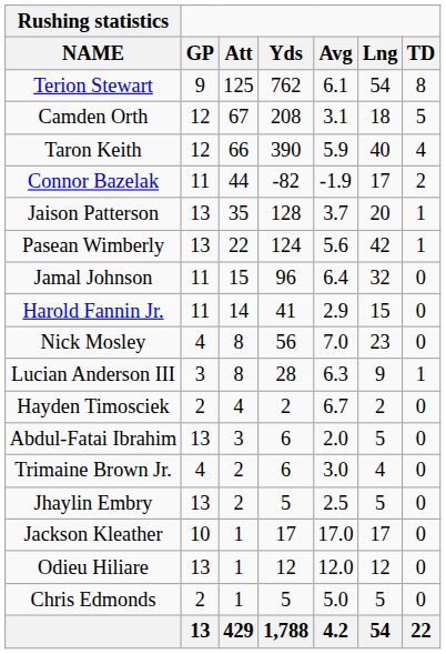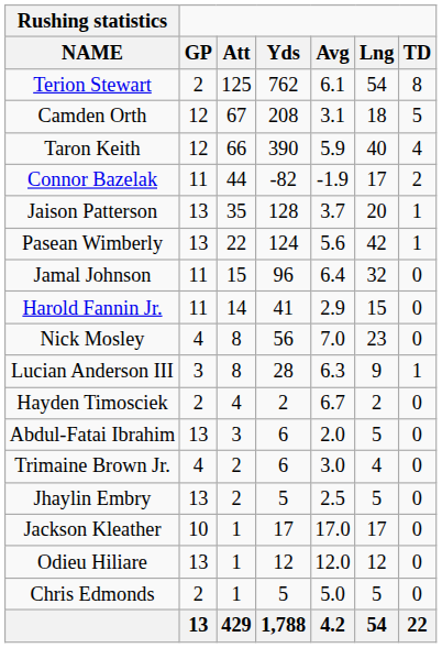 <table class="wikitable sortable" style="text-align:center;">
 <tr>
 <th style="text-align:center; ">Rushing statistics</th>
 </tr>
 <tr>
 <th>NAME</th>
 <th>GP</th>
 <th>Att</th>
 <th>Yds</th>
 <th>Avg</th>
 <th>Lng</th>
 <th>TD</th>
 </tr>
 <tr>
 <td><a href='#'>Terion Stewart</a></td>
-<td>9</td>
+<td>2</td>
 <td>125</td>
 <td>762</td>
 <td>6.1</td>
 <td>54</td>
 <td>8</td>
 </tr>
 <tr>
 <td>Camden Orth</td>
 <td>12</td>
 <td>67</td>
 <td>208</td>
 <td>3.1</td>
 <td>18</td>
 <td>5</td>
 </tr>
 <tr>
 <td>Taron Keith</td>
 <td>12</td>
 <td>66</td>
 <td>390</td>
 <td>5.9</td>
 <td>40</td>
 <td>4</td>
 </tr>
 <tr>
 <td><a href='#'>Connor Bazelak</a></td>
 <td>11</td>
 <td>44</td>
 <td>-82</td>
 <td>-1.9</td>
 <td>17</td>
 <td>2</td>
 </tr>
 <tr>
 <td>Jaison Patterson</td>
 <td>13</td>
 <td>35</td>
 <td>128</td>
 <td>3.7</td>
 <td>20</td>
 <td>1</td>
 </tr>
 <tr>
 <td>Pasean Wimberly</td>
 <td>13</td>
 <td>22</td>
 <td>124</td>
 <td>5.6</td>
 <td>42</td>
 <td>1</td>
 </tr>
 <tr>
 <td>Jamal Johnson</td>
 <td>11</td>
 <td>15</td>
 <td>96</td>
 <td>6.4</td>
 <td>32</td>
 <td>0</td>
 </tr>
 <tr>
 <td><a href='#'>Harold Fannin Jr.</a></td>
 <td>11</td>
 <td>14</td>
 <td>41</td>
 <td>2.9</td>
 <td>15</td>
 <td>0</td>
 </tr>
 <tr>
 <td>Nick Mosley</td>
 <td>4</td>
 <td>8</td>
 <td>56</td>
 <td>7.0</td>
 <td>23</td>
 <td>0</td>
 </tr>
 <tr>
 <td>Lucian Anderson III</td>
 <td>3</td>
 <td>8</td>
 <td>28</td>
 <td>6.3</td>
 <td>9</td>
 <td>1</td>
 </tr>
 <tr>
 <td>Hayden Timosciek</td>
 <td>2</td>
 <td>4</td>
 <td>2</td>
 <td>6.7</td>
 <td>2</td>
 <td>0</td>
 </tr>
 <tr>
 <td>Abdul-Fatai Ibrahim</td>
 <td>13</td>
 <td>3</td>
 <td>6</td>
 <td>2.0</td>
 <td>5</td>
 <td>0</td>
 </tr>
 <tr>
 <td>Trimaine Brown Jr.</td>
 <td>4</td>
 <td>2</td>
 <td>6</td>
 <td>3.0</td>
 <td>4</td>
 <td>0</td>
 </tr>
 <tr>
 <td>Jhaylin Embry</td>
 <td>13</td>
 <td>2</td>
 <td>5</td>
 <td>2.5</td>
 <td>5</td>
 <td>0</td>
 </tr>
 <tr>
 <td>Jackson Kleather</td>
 <td>10</td>
 <td>1</td>
 <td>17</td>
 <td>17.0</td>
 <td>17</td>
 <td>0</td>
 </tr>
 <tr>
 <td>Odieu Hiliare</td>
 <td>13</td>
 <td>1</td>
 <td>12</td>
 <td>12.0</td>
 <td>12</td>
 <td>0</td>
 </tr>
 <tr>
 <td>Chris Edmonds</td>
 <td>2</td>
 <td>1</td>
 <td>5</td>
 <td>5.0</td>
 <td>5</td>
 <td>0</td>
 </tr>
 <tr>
 <th colspan="1"></th>
 <th>13</th>
 <th>429</th>
 <th>1,788</th>
 <th>4.2</th>
 <th>54</th>
 <th>22</th>
 </tr>
 </table>
